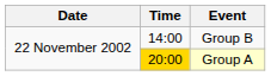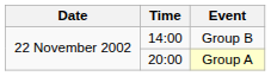 <table class = "wikitable" style="text-align:center;">
 <tr>
 <th width=150>Date</th>
 <th width=50>Time</th>
 <th width=80>Event</th>
 </tr>
 <tr>
 <td rowspan=2>22 November 2002</td>
 <td>14:00</td>
 <td>Group B</td>
 </tr>
 <tr>
-<td style="background: gold;">20:00</td>
+<td>20:00</td>
 <td bgcolor=ffffcc>Group A</td>
 </tr>
 </table>
